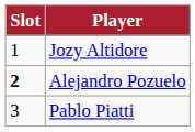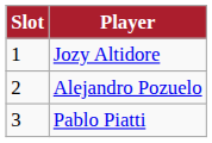 <table class="wikitable" style="text-align:left; margin-left:1em; font-size:95%;">
 <tr>
 <th style="background:#AB1E2D; color:white; text-align:center;">Slot</th>
 <th style="background:#AB1E2D; color:white; text-align:center;">Player</th>
 </tr>
 <tr>
 <td>1</td>
 <td> <a href='#'>Jozy Altidore</a></td>
 </tr>
 <tr>
-<td><strong>2</strong></td>
+<td>2</td>
 <td> <a href='#'>Alejandro Pozuelo</a></td>
 </tr>
 <tr>
 <td>3</td>
 <td> <a href='#'>Pablo Piatti</a></td>
 </tr>
 </table>
